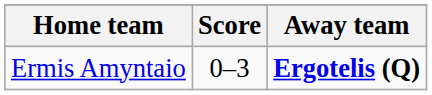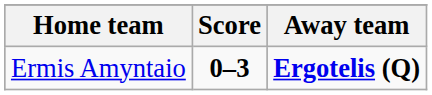 <table class="wikitable" style="text-align: center">
 <tr>
 </tr>
 <tr>
 <th>Home team</th>
 <th>Score</th>
 <th>Away team</th>
 </tr>
 <tr>
 <td><a href='#'>Ermis Amyntaio</a></td>
-<td>0–3</td>
+<td><strong>0–3</strong></td>
 <td><strong> <a href='#'>Ergotelis</a> (Q)</strong></td>
 </tr>
 </table>
